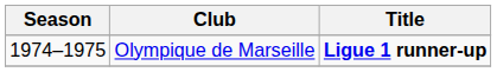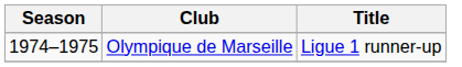 <table class="wikitable">
 <tr>
 <th>Season</th>
 <th>Club</th>
 <th>Title</th>
 </tr>
 <tr>
 </tr>
 <tr>
 <td>1974–1975</td>
 <td><a href='#'>Olympique de Marseille</a></td>
-<td><strong><a href='#'>Ligue 1</a> runner-up</strong></td>
+<td><a href='#'>Ligue 1</a> runner-up</td>
 </tr>
 <tr>
 </tr>
 </table>
